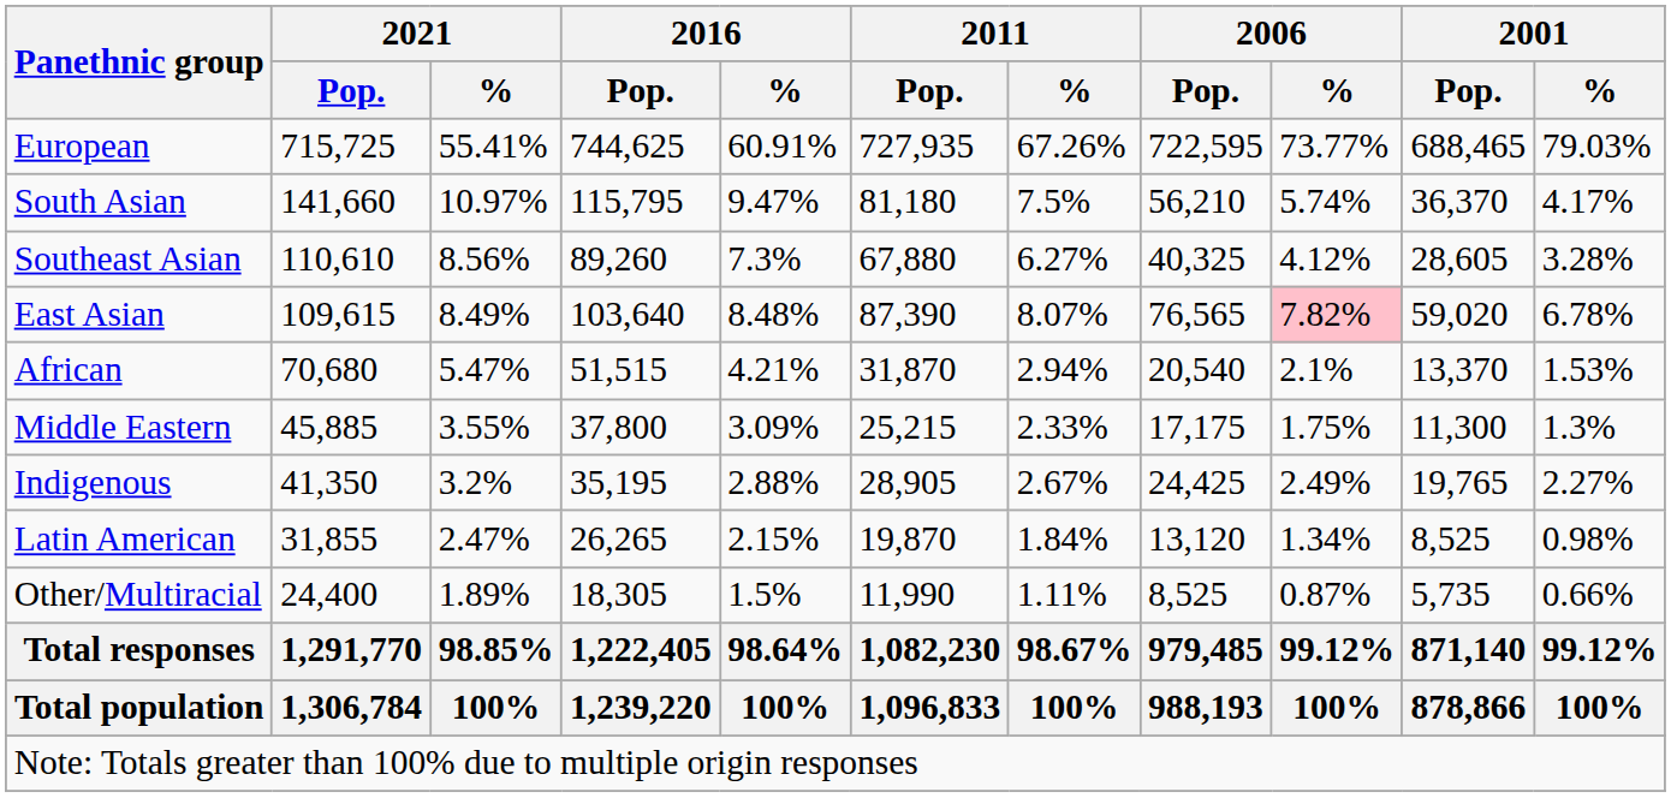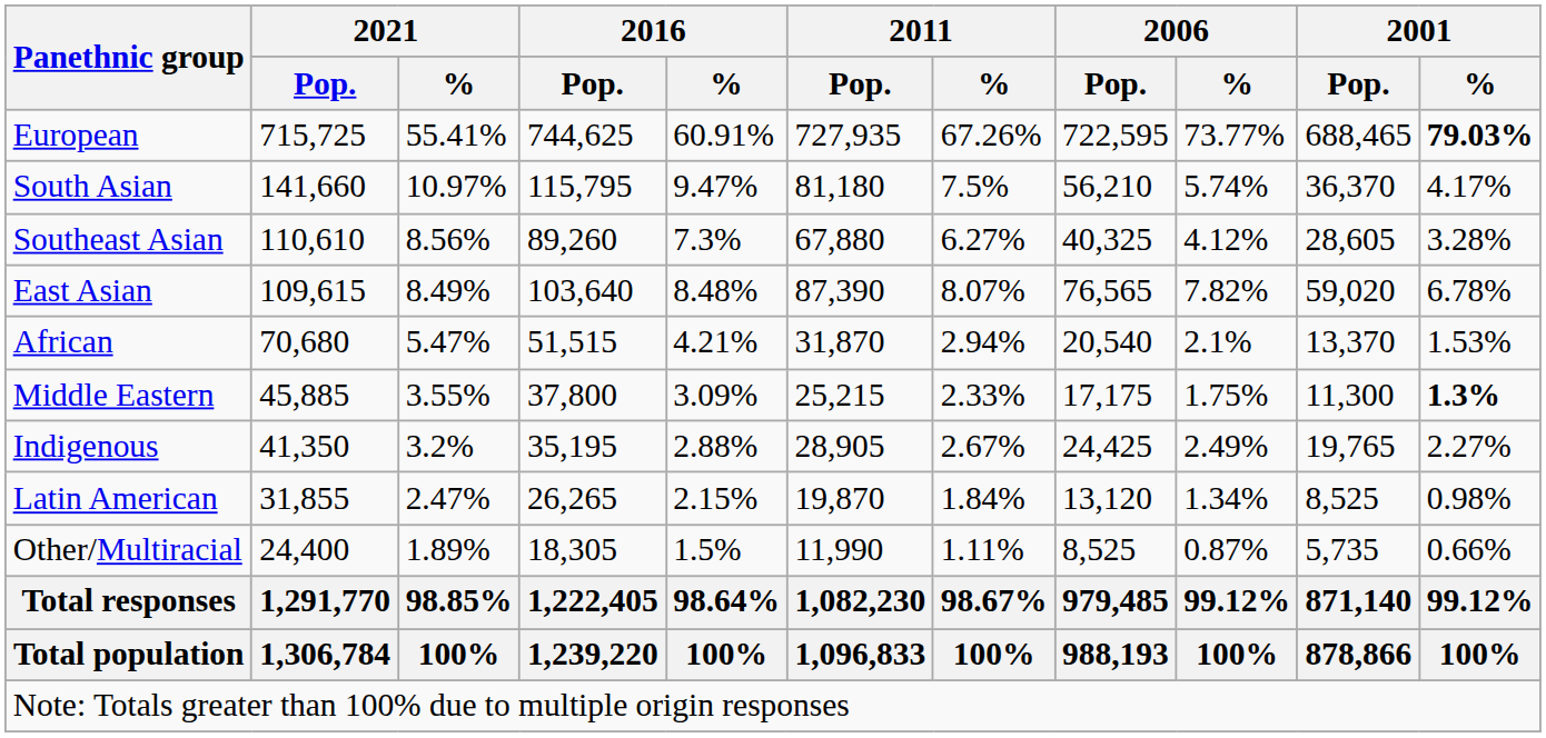 <table class="wikitable sortable mw-collapsible">
 <tr>
 <th rowspan="2"><a href='#'>Panethnic</a> group</th>
 <th colspan="2">2021</th>
 <th colspan="2">2016</th>
 <th colspan="2">2011</th>
 <th colspan="2">2006</th>
 <th colspan="2">2001</th>
 </tr>
 <tr>
 <th><a href='#'><abbr>Pop.</abbr></a></th>
 <th><abbr>%</abbr></th>
 <th><abbr>Pop.</abbr></th>
 <th><abbr>%</abbr></th>
 <th><abbr>Pop.</abbr></th>
 <th><abbr>%</abbr></th>
 <th><abbr>Pop.</abbr></th>
 <th><abbr>%</abbr></th>
 <th><abbr>Pop.</abbr></th>
 <th><abbr>%</abbr></th>
 </tr>
 <tr>
 <td><a href='#'>European</a></td>
 <td>715,725</td>
 <td>55.41%</td>
 <td>744,625</td>
 <td>60.91%</td>
 <td>727,935</td>
 <td>67.26%</td>
 <td>722,595</td>
 <td>73.77%</td>
 <td>688,465</td>
-<td>79.03%</td>
+<td><strong>79.03%</strong></td>
 </tr>
 <tr>
 <td><a href='#'>South Asian</a></td>
 <td>141,660</td>
 <td>10.97%</td>
 <td>115,795</td>
 <td>9.47%</td>
 <td>81,180</td>
 <td>7.5%</td>
 <td>56,210</td>
 <td>5.74%</td>
 <td>36,370</td>
 <td>4.17%</td>
 </tr>
 <tr>
 <td><a href='#'>Southeast Asian</a></td>
 <td>110,610</td>
 <td>8.56%</td>
 <td>89,260</td>
 <td>7.3%</td>
 <td>67,880</td>
 <td>6.27%</td>
 <td>40,325</td>
 <td>4.12%</td>
 <td>28,605</td>
 <td>3.28%</td>
 </tr>
 <tr>
 <td><a href='#'>East Asian</a></td>
 <td>109,615</td>
 <td>8.49%</td>
 <td>103,640</td>
 <td>8.48%</td>
 <td>87,390</td>
 <td>8.07%</td>
 <td>76,565</td>
-<td style="background: pink;">7.82%</td>
+<td>7.82%</td>
 <td>59,020</td>
 <td>6.78%</td>
 </tr>
 <tr>
 <td><a href='#'>African</a></td>
 <td>70,680</td>
 <td>5.47%</td>
 <td>51,515</td>
 <td>4.21%</td>
 <td>31,870</td>
 <td>2.94%</td>
 <td>20,540</td>
 <td>2.1%</td>
 <td>13,370</td>
 <td>1.53%</td>
 </tr>
 <tr>
 <td><a href='#'>Middle Eastern</a></td>
 <td>45,885</td>
 <td>3.55%</td>
 <td>37,800</td>
 <td>3.09%</td>
 <td>25,215</td>
 <td>2.33%</td>
 <td>17,175</td>
 <td>1.75%</td>
 <td>11,300</td>
-<td>1.3%</td>
+<td><strong>1.3%</strong></td>
 </tr>
 <tr>
 <td><a href='#'>Indigenous</a></td>
 <td>41,350</td>
 <td>3.2%</td>
 <td>35,195</td>
 <td>2.88%</td>
 <td>28,905</td>
 <td>2.67%</td>
 <td>24,425</td>
 <td>2.49%</td>
 <td>19,765</td>
 <td>2.27%</td>
 </tr>
 <tr>
 <td><a href='#'>Latin American</a></td>
 <td>31,855</td>
 <td>2.47%</td>
 <td>26,265</td>
 <td>2.15%</td>
 <td>19,870</td>
 <td>1.84%</td>
 <td>13,120</td>
 <td>1.34%</td>
 <td>8,525</td>
 <td>0.98%</td>
 </tr>
 <tr>
 <td>Other/<a href='#'>Multiracial</a></td>
 <td>24,400</td>
 <td>1.89%</td>
 <td>18,305</td>
 <td>1.5%</td>
 <td>11,990</td>
 <td>1.11%</td>
 <td>8,525</td>
 <td>0.87%</td>
 <td>5,735</td>
 <td>0.66%</td>
 </tr>
 <tr>
 <th>Total responses</th>
 <th>1,291,770</th>
 <th>98.85%</th>
 <th>1,222,405</th>
 <th>98.64%</th>
 <th>1,082,230</th>
 <th>98.67%</th>
 <th>979,485</th>
 <th>99.12%</th>
 <th>871,140</th>
 <th>99.12%</th>
 </tr>
 <tr>
 <th>Total population</th>
 <th>1,306,784</th>
 <th>100%</th>
 <th>1,239,220</th>
 <th>100%</th>
 <th>1,096,833</th>
 <th>100%</th>
 <th>988,193</th>
 <th>100%</th>
 <th>878,866</th>
 <th>100%</th>
 </tr>
 <tr>
 <td colspan="11">Note: Totals greater than 100% due to multiple origin responses</td>
 </tr>
 </table>
